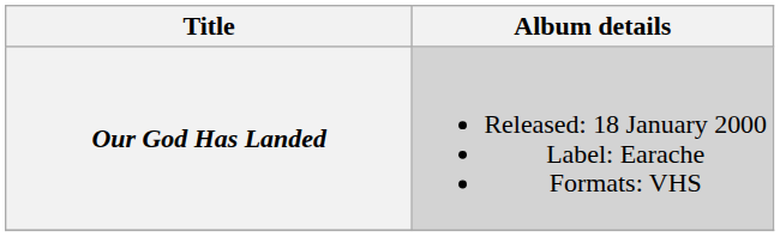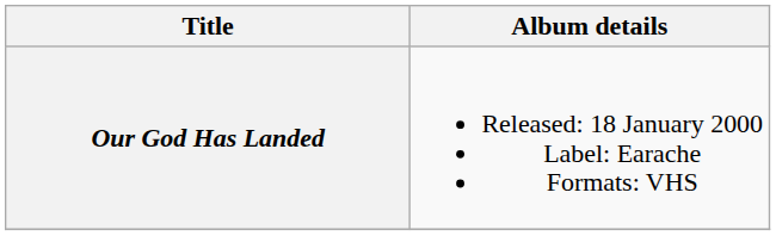 <table class="wikitable plainrowheaders" style="text-align:center;">
 <tr>
 <th scope="col" style="width:15em;">Title</th>
 <th scope="col">Album details</th>
 </tr>
 <tr>
 <th scope="row"><em>Our God Has Landed</em></th>
-<td style="background: lightgrey;"><br><ul><li>Released: 18 January 2000</li><li>Label: Earache</li><li>Formats: VHS</li></ul></td>
+<td><br><ul><li>Released: 18 January 2000</li><li>Label: Earache</li><li>Formats: VHS</li></ul></td>
 </tr>
 <tr>
 </tr>
 </table>
